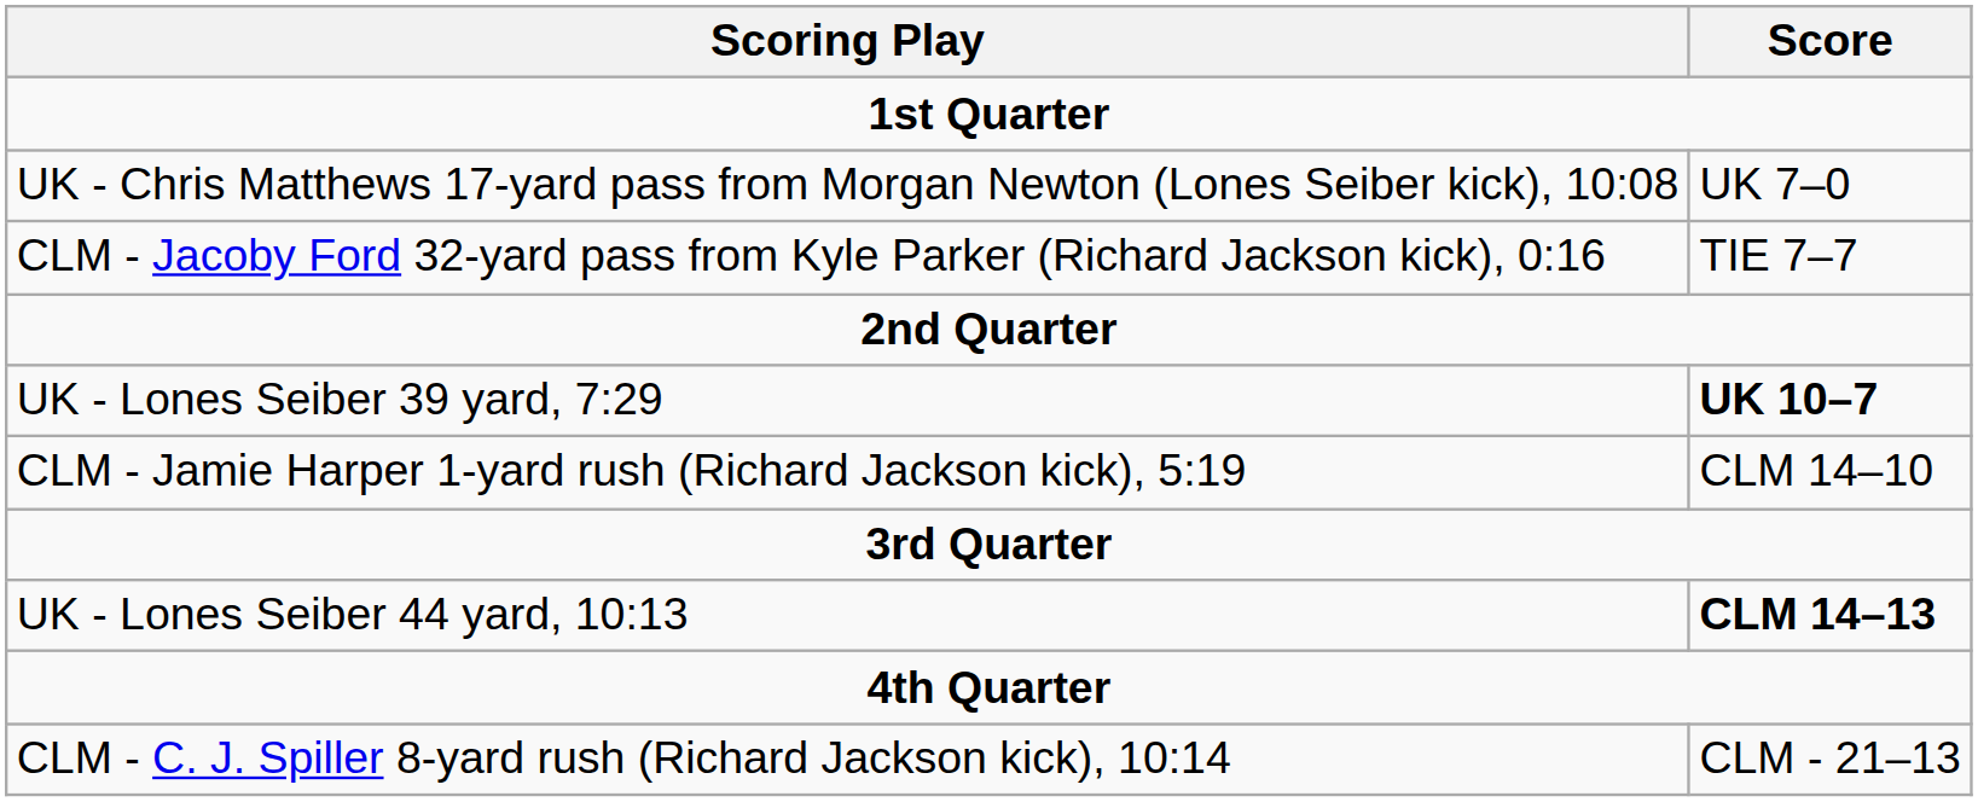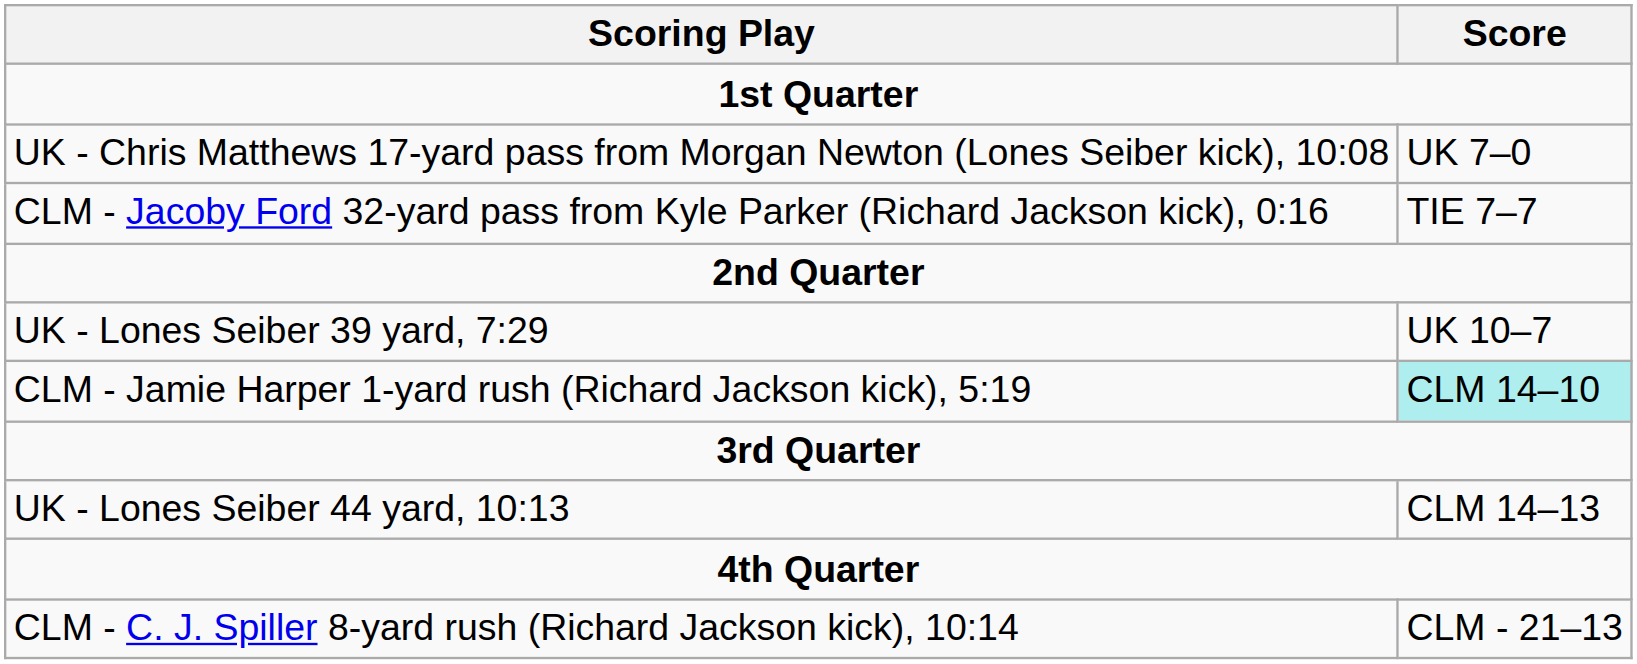 <table class="wikitable">
 <tr>
 <th>Scoring Play</th>
 <th>Score</th>
 </tr>
 <tr>
 <td colspan="4" align="center"><strong>1st Quarter</strong></td>
 </tr>
 <tr>
 <td>UK - Chris Matthews 17-yard pass from Morgan Newton (Lones Seiber kick), 10:08</td>
 <td>UK 7–0</td>
 </tr>
 <tr>
 <td>CLM - <a href='#'>Jacoby Ford</a> 32-yard pass from Kyle Parker (Richard Jackson kick), 0:16</td>
 <td>TIE 7–7</td>
 </tr>
 <tr>
 <td colspan="4" align="center"><strong>2nd Quarter</strong></td>
 </tr>
 <tr>
 <td>UK - Lones Seiber 39 yard, 7:29</td>
-<td><strong>UK 10–7</strong></td>
+<td>UK 10–7</td>
 </tr>
 <tr>
 <td>CLM - Jamie Harper 1-yard rush (Richard Jackson kick), 5:19</td>
-<td>CLM 14–10</td>
+<td style="background: paleturquoise;">CLM 14–10</td>
 </tr>
 <tr>
 <td colspan="4" align="center"><strong>3rd Quarter</strong></td>
 </tr>
 <tr>
 <td>UK - Lones Seiber 44 yard, 10:13</td>
-<td><strong>CLM 14–13</strong></td>
+<td>CLM 14–13</td>
 </tr>
 <tr>
 <td colspan="4" align="center"><strong>4th Quarter</strong></td>
 </tr>
 <tr>
 <td>CLM - <a href='#'>C. J. Spiller</a> 8-yard rush (Richard Jackson kick), 10:14</td>
 <td>CLM - 21–13</td>
 </tr>
 </table>
